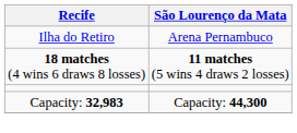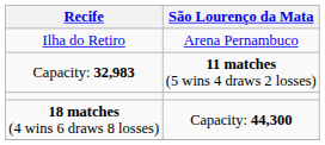 <table class="wikitable" style="text-align:center">
 <tr>
 <th><a href='#'>Recife</a></th>
 <th><a href='#'>São Lourenço da Mata</a></th>
 </tr>
 <tr>
 <td><a href='#'>Ilha do Retiro</a></td>
 <td><a href='#'>Arena Pernambuco</a></td>
 </tr>
 <tr>
-<td><strong>18 matches</strong><br>(4 wins 6 draws 8 losses)</td>
+<td>Capacity: <strong>32,983</strong></td>
 <td><strong>11 matches</strong><br>(5 wins 4 draws 2 losses)</td>
 </tr>
 <tr>
 <td></td>
 <td></td>
 </tr>
 <tr>
-<td>Capacity: <strong>32,983</strong></td>
+<td><strong>18 matches</strong><br>(4 wins 6 draws 8 losses)</td>
 <td>Capacity: <strong>44,300</strong></td>
 </tr>
 <tr>
 </tr>
 </table>
